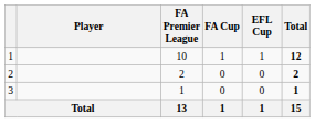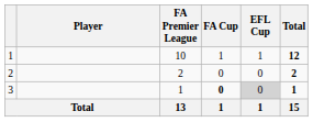 <table class="wikitable sortable" style="font-size: 95%; text-align: center">
 <tr>
 <th width=10></th>
 <th width=200>Player</th>
 <th width=50>FA Premier League</th>
 <th width=50>FA Cup</th>
 <th width=50>EFL Cup</th>
 <th>Total</th>
 </tr>
 <tr>
 <td>1</td>
 <td></td>
 <td>10</td>
 <td>1</td>
 <td>1</td>
 <td><strong>12</strong></td>
 </tr>
 <tr>
 <td>2</td>
 <td></td>
 <td>2</td>
 <td>0</td>
 <td>0</td>
 <td><strong>2</strong></td>
 </tr>
 <tr>
 <td>3</td>
 <td></td>
 <td>1</td>
-<td>0</td>
-<td>0</td>
+<td><strong>0</strong></td>
+<td style="background: lightgrey;">0</td>
 <td><strong>1</strong></td>
 </tr>
 <tr>
 <th colspan="2">Total</th>
 <th>13</th>
 <th>1</th>
 <th>1</th>
 <th>15</th>
 </tr>
 </table>
